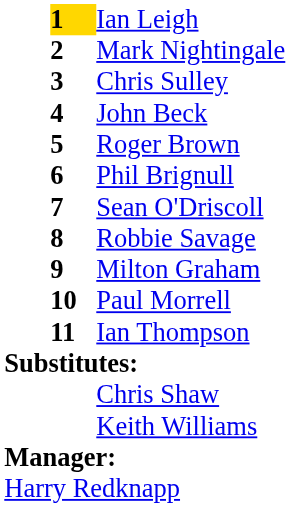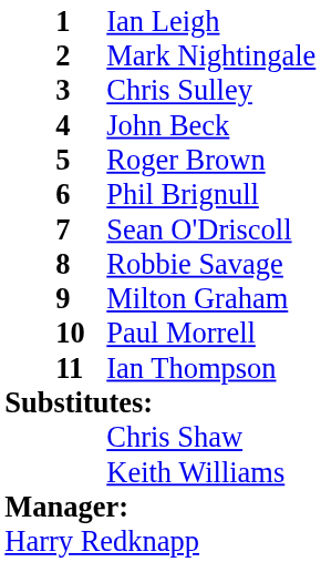 <table style="font-size: 90%" cellspacing="0" cellpadding="0" align="center">
 <tr>
 <td colspan=4></td>
 </tr>
 <tr>
 <th width="25"></th>
 <th width="25"></th>
 <th width="200"></th>
 <th></th>
 </tr>
 <tr>
 <td></td>
-<td style="background: gold;"><strong>1</strong></td>
+<td><strong>1</strong></td>
 <td> <a href='#'>Ian Leigh</a></td>
 </tr>
 <tr>
 <td></td>
 <td><strong>2</strong></td>
 <td> <a href='#'>Mark Nightingale</a></td>
 </tr>
 <tr>
 <td></td>
 <td><strong>3</strong></td>
 <td> <a href='#'>Chris Sulley</a></td>
 </tr>
 <tr>
 <td></td>
 <td><strong>4</strong></td>
 <td> <a href='#'>John Beck</a></td>
 </tr>
 <tr>
 <td></td>
 <td><strong>5</strong></td>
 <td> <a href='#'>Roger Brown</a></td>
 </tr>
 <tr>
 <td></td>
 <td><strong>6</strong></td>
 <td> <a href='#'>Phil Brignull</a></td>
 </tr>
 <tr>
 <td></td>
 <td><strong>7</strong></td>
 <td> <a href='#'>Sean O'Driscoll</a></td>
 </tr>
 <tr>
 <td></td>
 <td><strong>8</strong></td>
 <td> <a href='#'>Robbie Savage</a></td>
 </tr>
 <tr>
 <td></td>
 <td><strong>9</strong></td>
 <td> <a href='#'>Milton Graham</a></td>
 </tr>
 <tr>
 <td></td>
 <td><strong>10</strong></td>
 <td> <a href='#'>Paul Morrell</a></td>
 </tr>
 <tr>
 <td></td>
 <td><strong>11</strong></td>
 <td> <a href='#'>Ian Thompson</a></td>
 </tr>
 <tr>
 <td colspan=4><strong>Substitutes:</strong></td>
 </tr>
 <tr>
 <td></td>
 <td></td>
 <td> <a href='#'>Chris Shaw</a></td>
 <td></td>
 </tr>
 <tr>
 <td></td>
 <td></td>
 <td> <a href='#'>Keith Williams</a></td>
 <td></td>
 </tr>
 <tr>
 <td colspan=4><strong>Manager:</strong></td>
 </tr>
 <tr>
 <td colspan=4> <a href='#'>Harry Redknapp</a></td>
 </tr>
 </table>
